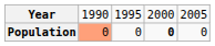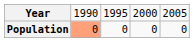 <table class="wikitable" style="text-align:right;">
 <tr>
 <th>Year</th>
 <td>1990</td>
 <td>1995</td>
 <td>2000</td>
 <td>2005</td>
 </tr>
 <tr>
 <th>Population</th>
 <td style="background: lightsalmon;">0</td>
 <td>0</td>
-<td><strong>0</strong></td>
+<td>0</td>
 <td>0</td>
 </tr>
 </table>
